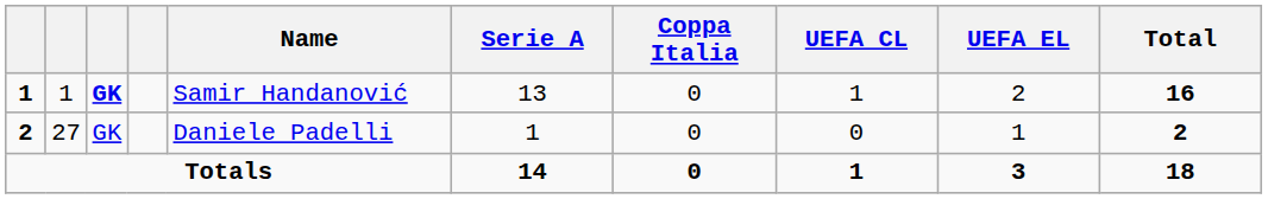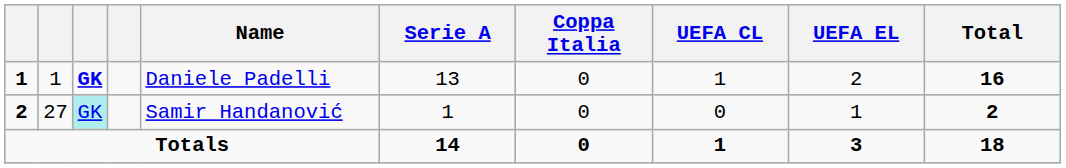 <table class="wikitable" style="text-align:center">
 <tr>
 <th width=15></th>
 <th width=15></th>
 <th width=15></th>
 <th width=15></th>
 <th width=145>Name</th>
 <th width=80><a href='#'>Serie A</a></th>
 <th width=80><a href='#'>Coppa Italia</a></th>
 <th width=80><a href='#'>UEFA CL</a></th>
 <th width=80><a href='#'>UEFA EL</a></th>
 <th width=80>Total</th>
 </tr>
 <tr>
 <td><strong>1</strong></td>
 <td>1</td>
 <td><strong><a href='#'>GK</a></strong></td>
 <td></td>
-<td align=left><a href='#'>Samir Handanović</a></td>
+<td align=left><a href='#'>Daniele Padelli</a></td>
 <td>13</td>
 <td>0</td>
 <td>1</td>
 <td>2</td>
 <td><strong>16</strong></td>
 </tr>
 <tr>
 <td><strong>2</strong></td>
 <td>27</td>
-<td><a href='#'>GK</a></td>
+<td style="background: paleturquoise;"><a href='#'>GK</a></td>
 <td></td>
-<td align=left><a href='#'>Daniele Padelli</a></td>
+<td align=left><a href='#'>Samir Handanović</a></td>
 <td>1</td>
 <td>0</td>
 <td>0</td>
 <td>1</td>
 <td><strong>2</strong></td>
 </tr>
 <tr>
 <td colspan=5><strong>Totals</strong></td>
 <td><strong>14</strong></td>
 <td><strong>0</strong></td>
 <td><strong>1</strong></td>
 <td><strong>3</strong></td>
 <td><strong>18</strong></td>
 </tr>
 </table>
